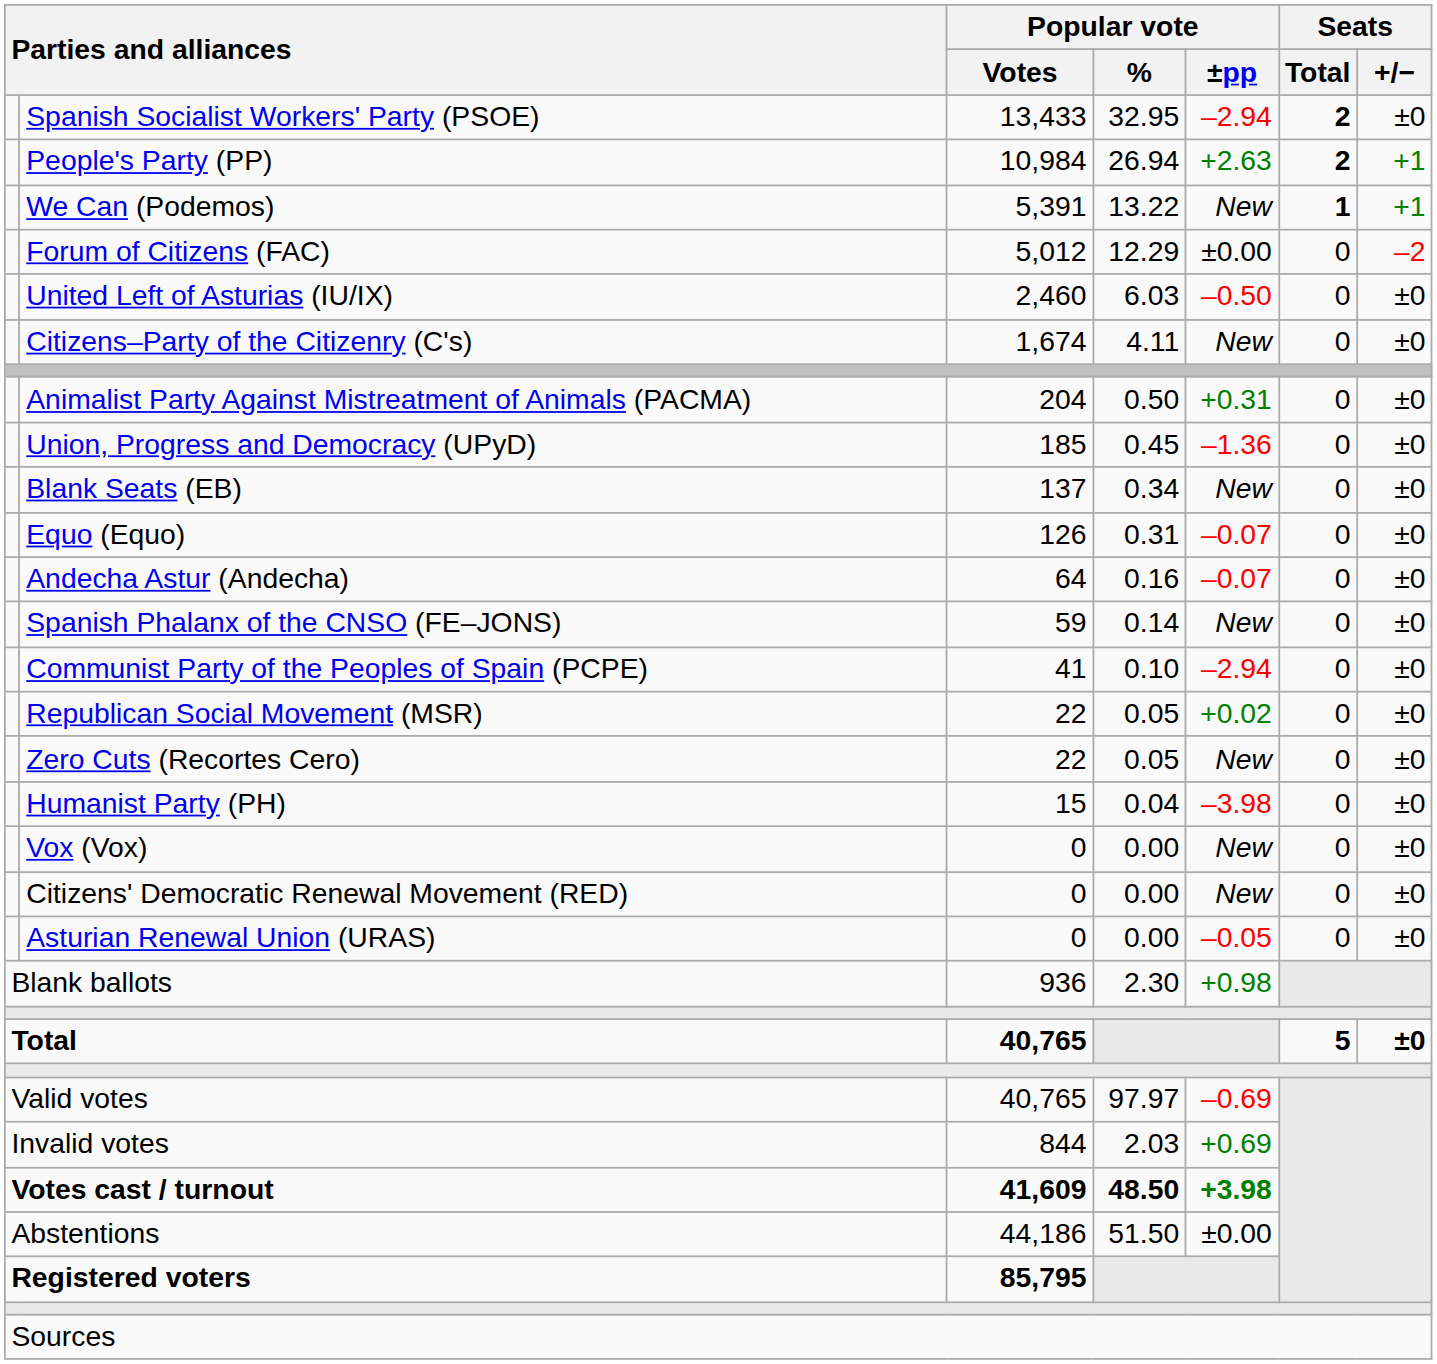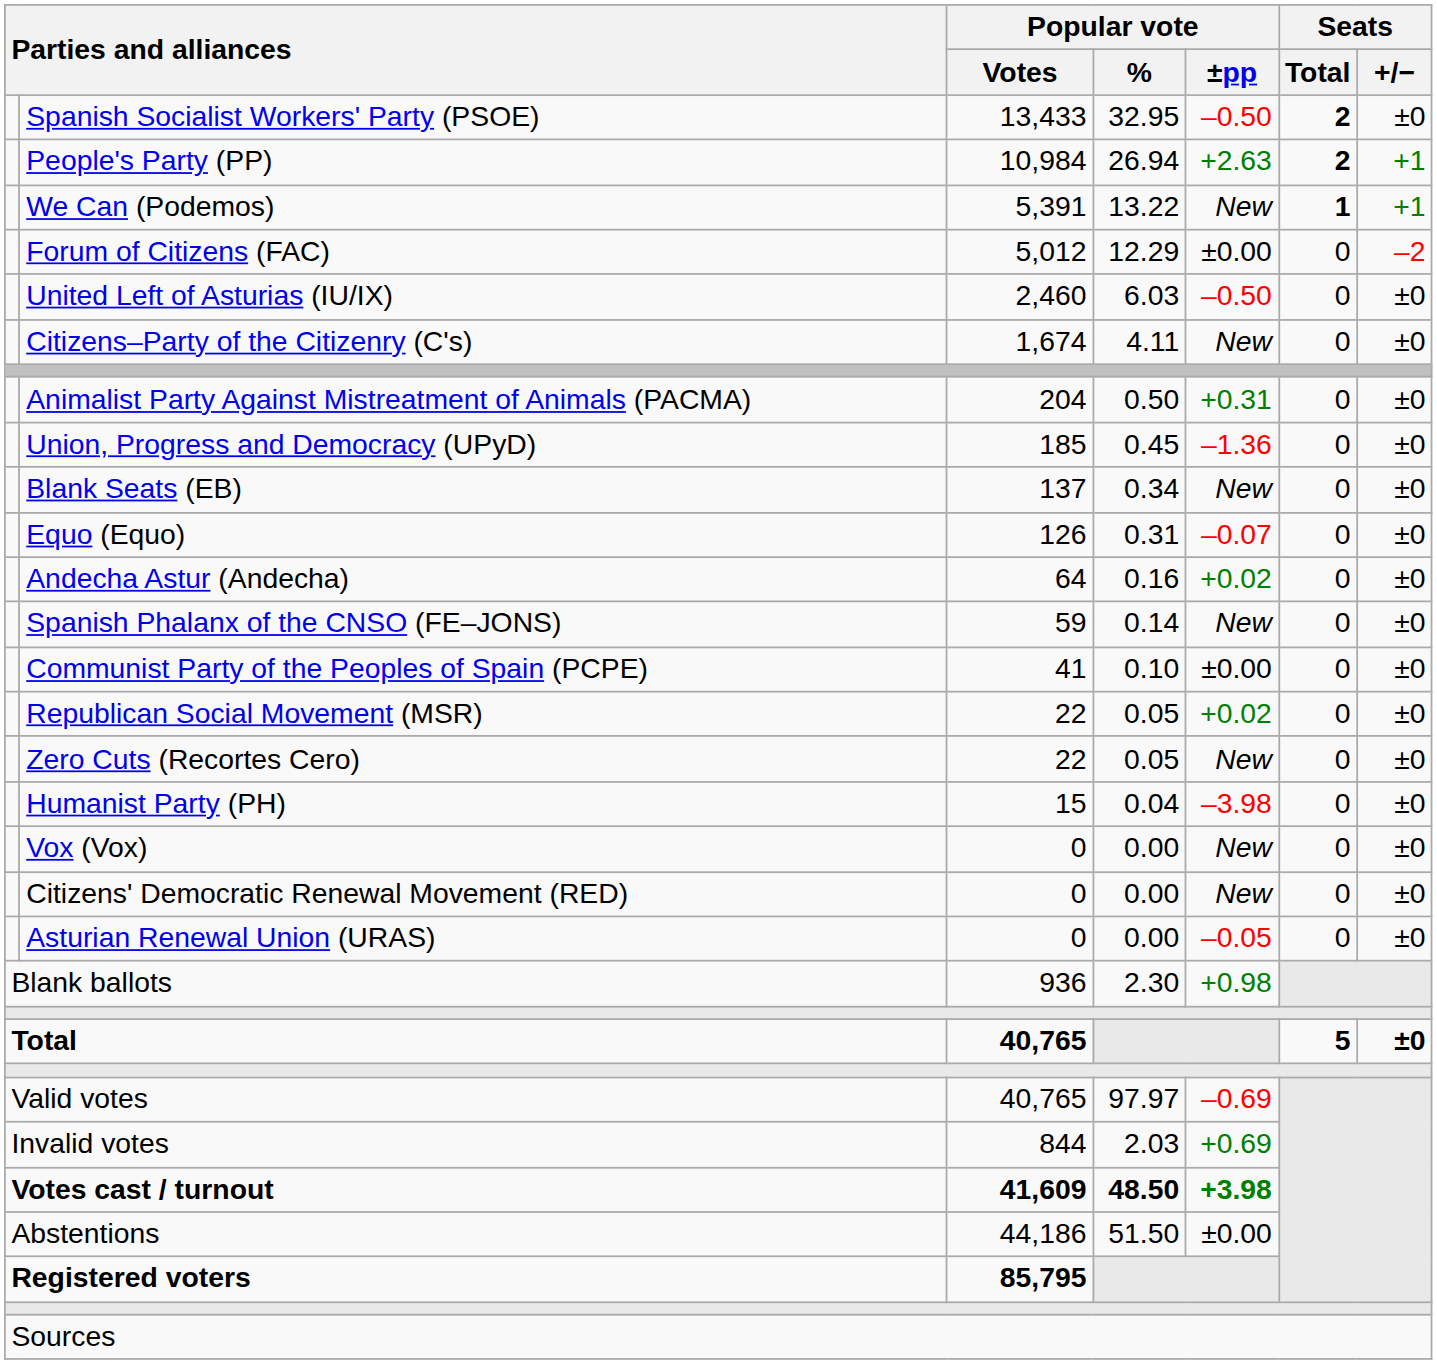 <table class="wikitable" style="text-align:right;">
 <tr>
 <th style="text-align:left;" rowspan="2" colspan="2" width="525">Parties and alliances</th>
 <th colspan="3">Popular vote</th>
 <th colspan="2">Seats</th>
 </tr>
 <tr>
 <th width="75">Votes</th>
 <th width="45">%</th>
 <th width="45">±<a href='#'>pp</a></th>
 <th width="35">Total</th>
 <th width="35">+/−</th>
 </tr>
 <tr>
 <td width="1" style="color:inherit;background:"></td>
 <td align="left"><a href='#'>Spanish Socialist Workers' Party</a> (PSOE)</td>
 <td>13,433</td>
 <td>32.95</td>
-<td style="color:red;">–2.94</td>
+<td style="color:red;">–0.50</td>
 <td><strong>2</strong></td>
 <td>±0</td>
 </tr>
 <tr>
 <td style="color:inherit;background:"></td>
 <td align="left"><a href='#'>People's Party</a> (PP)</td>
 <td>10,984</td>
 <td>26.94</td>
 <td style="color:green;">+2.63</td>
 <td><strong>2</strong></td>
 <td style="color:green;">+1</td>
 </tr>
 <tr>
 <td style="color:inherit;background:"></td>
 <td align="left"><a href='#'>We Can</a> (Podemos)</td>
 <td>5,391</td>
 <td>13.22</td>
 <td><em>New</em></td>
 <td><strong>1</strong></td>
 <td style="color:green;">+1</td>
 </tr>
 <tr>
 <td style="color:inherit;background:"></td>
 <td align="left"><a href='#'>Forum of Citizens</a> (FAC)</td>
 <td>5,012</td>
 <td>12.29</td>
 <td>±0.00</td>
 <td>0</td>
 <td style="color:red;">–2</td>
 </tr>
 <tr>
 <td style="color:inherit;background:"></td>
 <td align="left"><a href='#'>United Left of Asturias</a> (IU/IX)</td>
 <td>2,460</td>
 <td>6.03</td>
 <td style="color:red;">–0.50</td>
 <td>0</td>
 <td>±0</td>
 </tr>
 <tr>
 <td style="color:inherit;background:"></td>
 <td align="left"><a href='#'>Citizens–Party of the Citizenry</a> (C's)</td>
 <td>1,674</td>
 <td>4.11</td>
 <td><em>New</em></td>
 <td>0</td>
 <td>±0</td>
 </tr>
 <tr>
 <td colspan="7" bgcolor="#C0C0C0"></td>
 </tr>
 <tr>
 <td style="color:inherit;background:"></td>
 <td align="left"><a href='#'>Animalist Party Against Mistreatment of Animals</a> (PACMA)</td>
 <td>204</td>
 <td>0.50</td>
 <td style="color:green;">+0.31</td>
 <td>0</td>
 <td>±0</td>
 </tr>
 <tr>
 <td style="color:inherit;background:"></td>
 <td align="left"><a href='#'>Union, Progress and Democracy</a> (UPyD)</td>
 <td>185</td>
 <td>0.45</td>
 <td style="color:red;">–1.36</td>
 <td>0</td>
 <td>±0</td>
 </tr>
 <tr>
 <td style="color:inherit;background:"></td>
 <td align="left"><a href='#'>Blank Seats</a> (EB)</td>
 <td>137</td>
 <td>0.34</td>
 <td><em>New</em></td>
 <td>0</td>
 <td>±0</td>
 </tr>
 <tr>
 <td style="color:inherit;background:"></td>
 <td align="left"><a href='#'>Equo</a> (Equo)</td>
 <td>126</td>
 <td>0.31</td>
 <td style="color:red;">–0.07</td>
 <td>0</td>
 <td>±0</td>
 </tr>
 <tr>
 <td style="color:inherit;background:"></td>
 <td align="left"><a href='#'>Andecha Astur</a> (Andecha)</td>
 <td>64</td>
 <td>0.16</td>
-<td style="color:red;">–0.07</td>
+<td style="color:green;">+0.02</td>
 <td>0</td>
 <td>±0</td>
 </tr>
 <tr>
 <td style="color:inherit;background:"></td>
 <td align="left"><a href='#'>Spanish Phalanx of the CNSO</a> (FE–JONS)</td>
 <td>59</td>
 <td>0.14</td>
 <td><em>New</em></td>
 <td>0</td>
 <td>±0</td>
 </tr>
 <tr>
 <td style="color:inherit;background:"></td>
 <td align="left"><a href='#'>Communist Party of the Peoples of Spain</a> (PCPE)</td>
 <td>41</td>
 <td>0.10</td>
-<td style="color:red;">–2.94</td>
+<td>±0.00</td>
 <td>0</td>
 <td>±0</td>
 </tr>
 <tr>
 <td style="color:inherit;background:"></td>
 <td align="left"><a href='#'>Republican Social Movement</a> (MSR)</td>
 <td>22</td>
 <td>0.05</td>
 <td style="color:green;">+0.02</td>
 <td>0</td>
 <td>±0</td>
 </tr>
 <tr>
 <td style="color:inherit;background:"></td>
 <td align="left"><a href='#'>Zero Cuts</a> (Recortes Cero)</td>
 <td>22</td>
 <td>0.05</td>
 <td><em>New</em></td>
 <td>0</td>
 <td>±0</td>
 </tr>
 <tr>
 <td style="color:inherit;background:"></td>
 <td align="left"><a href='#'>Humanist Party</a> (PH)</td>
 <td>15</td>
 <td>0.04</td>
 <td style="color:red;">–3.98</td>
 <td>0</td>
 <td>±0</td>
 </tr>
 <tr>
 <td style="color:inherit;background:"></td>
 <td align="left"><a href='#'>Vox</a> (Vox)</td>
 <td>0</td>
 <td>0.00</td>
 <td><em>New</em></td>
 <td>0</td>
 <td>±0</td>
 </tr>
 <tr>
 <td style="color:inherit;background:"></td>
 <td align="left">Citizens' Democratic Renewal Movement (RED)</td>
 <td>0</td>
 <td>0.00</td>
 <td><em>New</em></td>
 <td>0</td>
 <td>±0</td>
 </tr>
 <tr>
 <td style="color:inherit;background:"></td>
 <td align="left"><a href='#'>Asturian Renewal Union</a> (URAS)</td>
 <td>0</td>
 <td>0.00</td>
 <td style="color:red;">–0.05</td>
 <td>0</td>
 <td>±0</td>
 </tr>
 <tr>
 <td align="left" colspan="2">Blank ballots</td>
 <td>936</td>
 <td>2.30</td>
 <td style="color:green;">+0.98</td>
 <td bgcolor="#E9E9E9" colspan="2"></td>
 </tr>
 <tr>
 <td colspan="7" bgcolor="#E9E9E9"></td>
 </tr>
 <tr style="font-weight:bold;">
 <td align="left" colspan="2">Total</td>
 <td>40,765</td>
 <td bgcolor="#E9E9E9" colspan="2"></td>
 <td>5</td>
 <td>±0</td>
 </tr>
 <tr>
 <td colspan="7" bgcolor="#E9E9E9"></td>
 </tr>
 <tr>
 <td align="left" colspan="2">Valid votes</td>
 <td>40,765</td>
 <td>97.97</td>
 <td style="color:red;">–0.69</td>
 <td bgcolor="#E9E9E9" colspan="2" rowspan="5"></td>
 </tr>
 <tr>
 <td align="left" colspan="2">Invalid votes</td>
 <td>844</td>
 <td>2.03</td>
 <td style="color:green;">+0.69</td>
 </tr>
 <tr style="font-weight:bold;">
 <td align="left" colspan="2">Votes cast / turnout</td>
 <td>41,609</td>
 <td>48.50</td>
 <td style="color:green;">+3.98</td>
 </tr>
 <tr>
 <td align="left" colspan="2">Abstentions</td>
 <td>44,186</td>
 <td>51.50</td>
 <td>±0.00</td>
 </tr>
 <tr style="font-weight:bold;">
 <td align="left" colspan="2">Registered voters</td>
 <td>85,795</td>
 <td bgcolor="#E9E9E9" colspan="2"></td>
 </tr>
 <tr>
 <td colspan="7" bgcolor="#E9E9E9"></td>
 </tr>
 <tr>
 <td align="left" colspan="7">Sources</td>
 </tr>
 </table>
